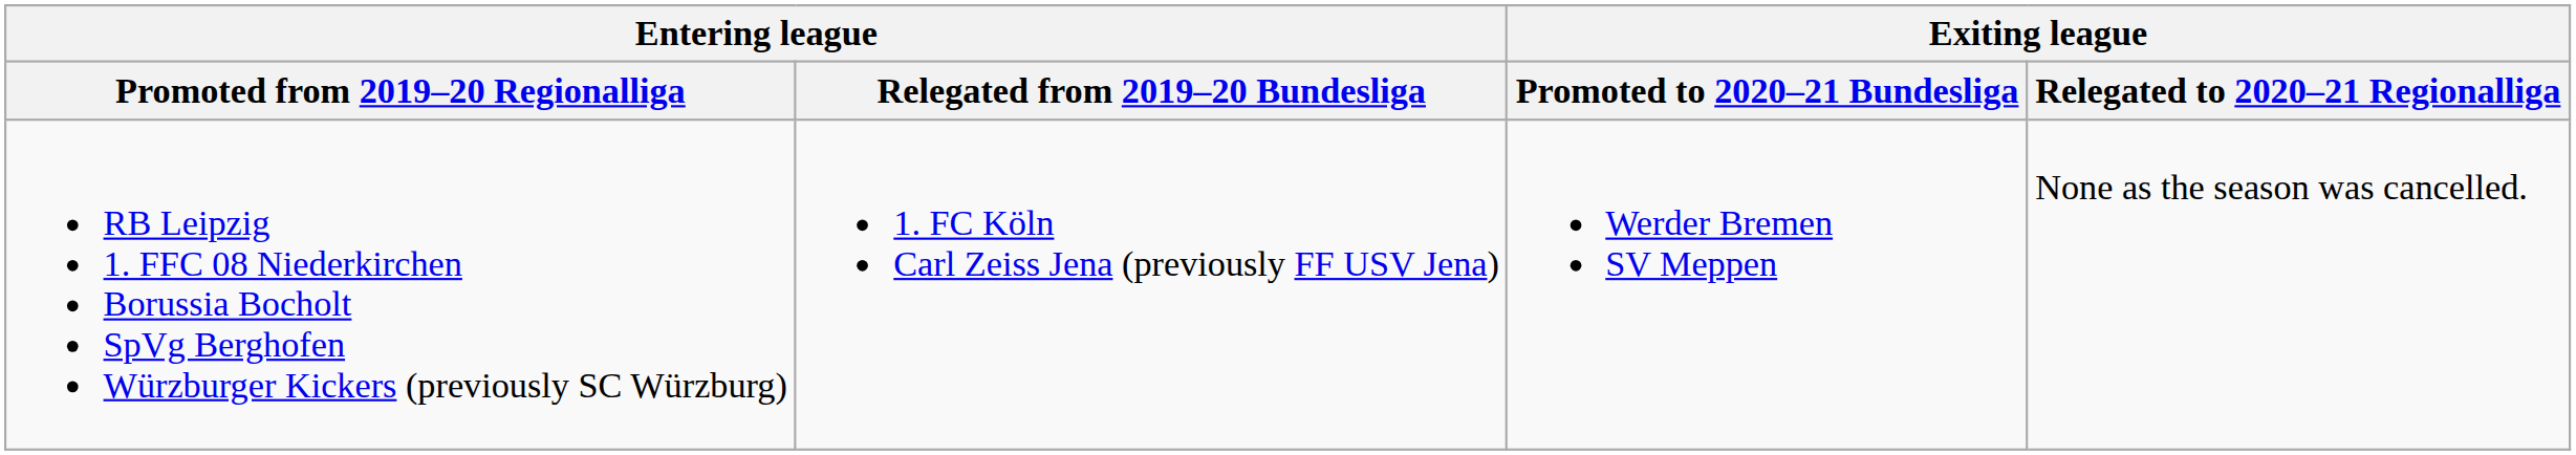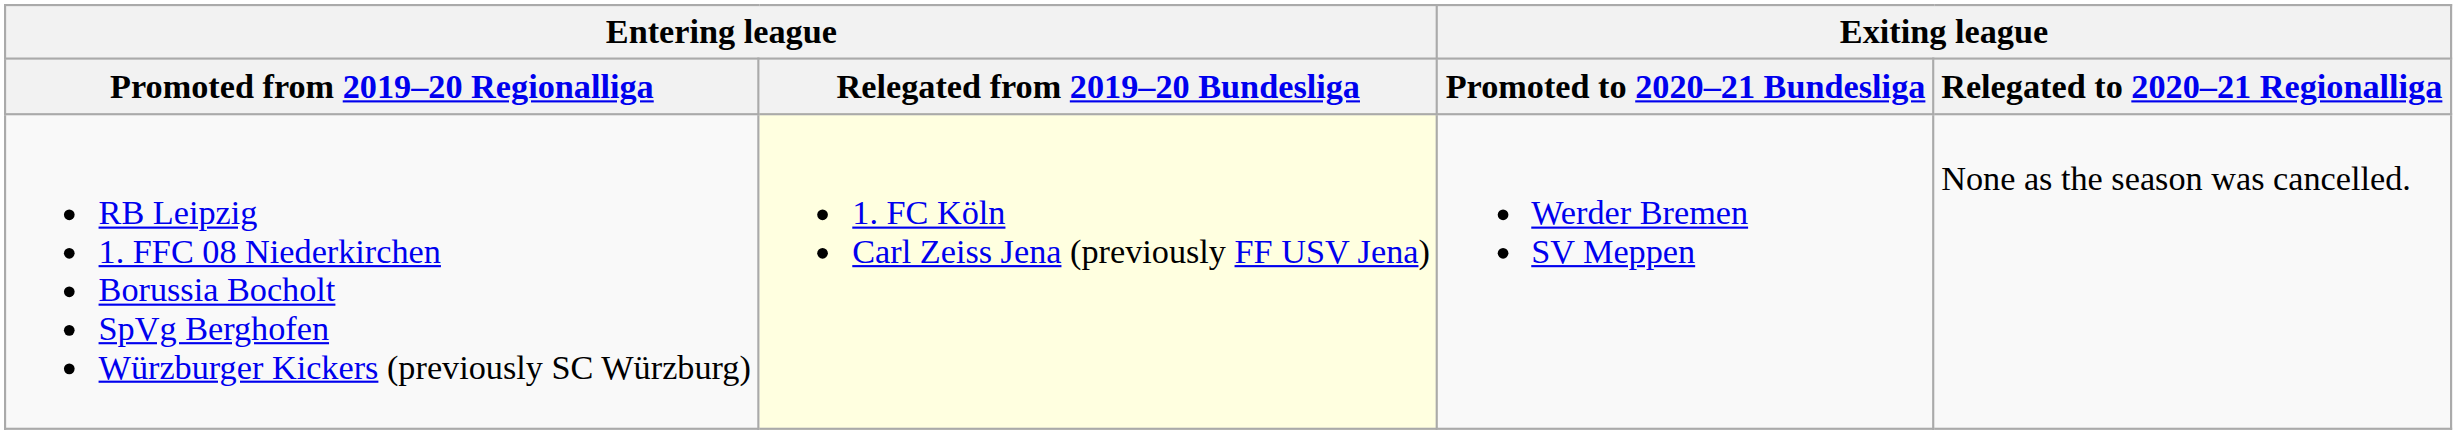 <table class="wikitable">
 <tr>
 <th colspan="2">Entering league</th>
 <th colspan="2">Exiting league</th>
 </tr>
 <tr>
 <th>Promoted from <a href='#'>2019–20 Regionalliga</a></th>
 <th>Relegated from <a href='#'>2019–20 Bundesliga</a></th>
 <th>Promoted to <a href='#'>2020–21 Bundesliga</a></th>
 <th>Relegated to <a href='#'>2020–21 Regionalliga</a></th>
 </tr>
 <tr style="vertical-align:top;">
 <td><br><ul><li><a href='#'>RB Leipzig</a></li><li><a href='#'>1. FFC 08 Niederkirchen</a></li><li><a href='#'>Borussia Bocholt</a></li><li><a href='#'>SpVg Berghofen</a></li><li><a href='#'>Würzburger Kickers</a> (previously SC Würzburg)</li></ul></td>
-<td><br><ul><li><a href='#'>1. FC Köln</a></li><li><a href='#'>Carl Zeiss Jena</a> (previously <a href='#'>FF USV Jena</a>)</li></ul></td>
+<td style="background: lightyellow;"><br><ul><li><a href='#'>1. FC Köln</a></li><li><a href='#'>Carl Zeiss Jena</a> (previously <a href='#'>FF USV Jena</a>)</li></ul></td>
 <td><br><ul><li><a href='#'>Werder Bremen</a></li><li><a href='#'>SV Meppen</a></li></ul></td>
 <td><br>None as the season was cancelled.</td>
 </tr>
 </table>
